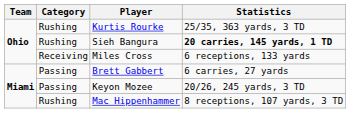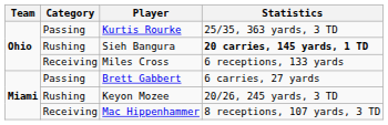 <table class="wikitable" style="float: right;">
 <tr>
 <th>Team</th>
 <th>Category</th>
 <th>Player</th>
 <th>Statistics</th>
 </tr>
 <tr>
 <td rowspan=3><strong>Ohio</strong></td>
-<td>Rushing</td>
+<td>Passing</td>
 <td><a href='#'>Kurtis Rourke</a></td>
 <td>25/35, 363 yards, 3 TD</td>
 </tr>
 <tr>
 <td>Rushing</td>
 <td>Sieh Bangura</td>
 <td><strong>20 carries, 145 yards, 1 TD</strong></td>
 </tr>
 <tr>
 <td>Receiving</td>
 <td>Miles Cross</td>
 <td>6 receptions, 133 yards</td>
 </tr>
 <tr>
 <td rowspan=3><strong>Miami</strong></td>
 <td>Passing</td>
 <td><a href='#'>Brett Gabbert</a></td>
 <td>6 carries, 27 yards</td>
 </tr>
 <tr>
-<td>Passing</td>
+<td>Rushing</td>
 <td>Keyon Mozee</td>
 <td>20/26, 245 yards, 3 TD</td>
 </tr>
 <tr>
-<td>Rushing</td>
+<td>Receiving</td>
 <td><a href='#'>Mac Hippenhammer</a></td>
 <td>8 receptions, 107 yards, 3 TD</td>
 </tr>
 </table>
